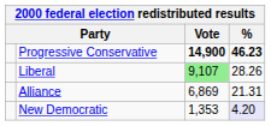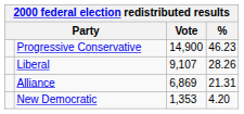 <table class="wikitable">
 <tr>
 <th colspan="4"><a href='#'>2000 federal election</a> redistributed results</th>
 </tr>
 <tr>
 <th bgcolor="#DDDDFF" width="230px" colspan="2">Party</th>
 <th bgcolor="#DDDDFF" width="50px">Vote</th>
 <th bgcolor="#DDDDFF" width="30px">%</th>
 </tr>
 <tr>
 <td> </td>
 <td><a href='#'>Progressive Conservative</a></td>
-<td><strong>14,900</strong></td>
-<td><strong>46.23</strong></td>
+<td>14,900</td>
+<td>46.23</td>
 </tr>
 <tr>
 <td> </td>
 <td><a href='#'>Liberal</a></td>
-<td style="background: lightgreen;">9,107</td>
+<td>9,107</td>
 <td>28.26</td>
 </tr>
 <tr>
 <td> </td>
 <td><a href='#'>Alliance</a></td>
 <td>6,869</td>
 <td>21.31</td>
 </tr>
 <tr>
 <td> </td>
 <td><a href='#'>New Democratic</a></td>
 <td>1,353</td>
-<td style="background: lavender;">4.20</td>
+<td>4.20</td>
 </tr>
 </table>
